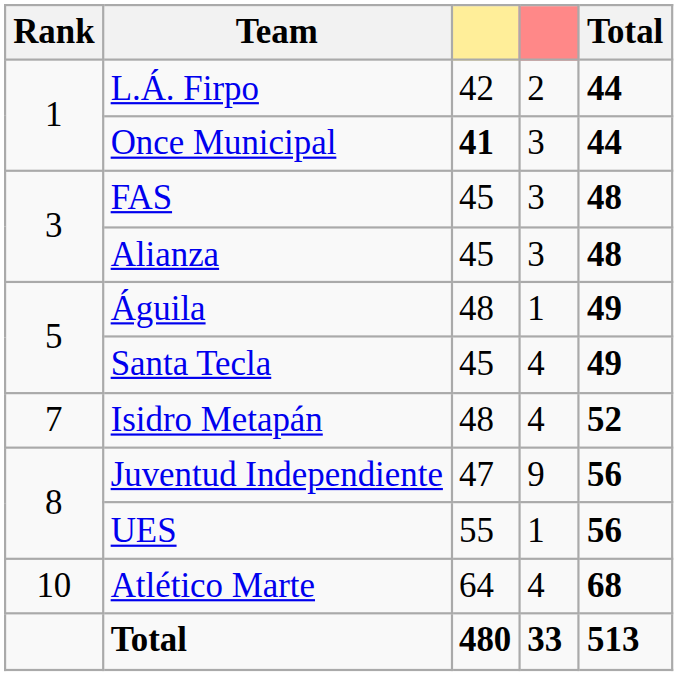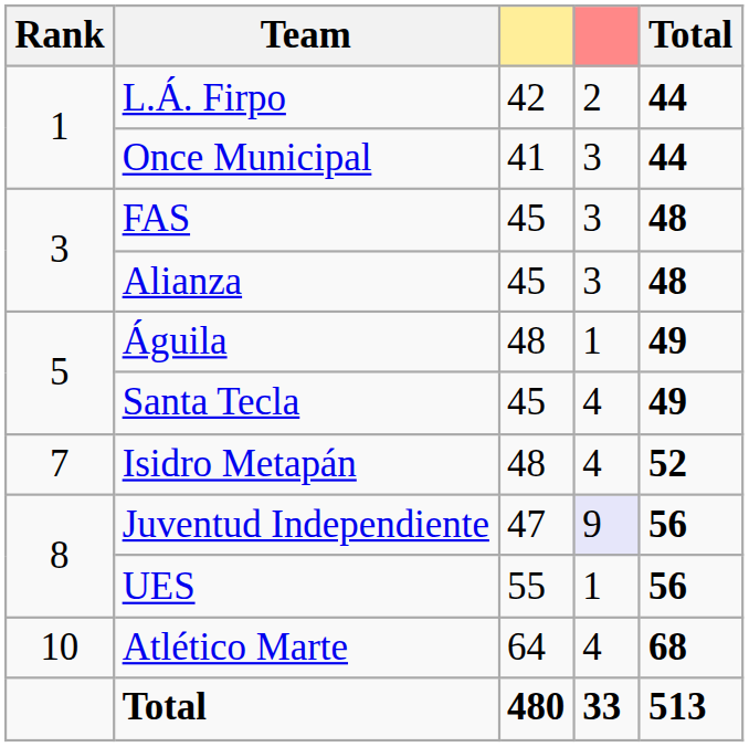 <table class="wikitable" border="1">
 <tr>
 <th>Rank</th>
 <th>Team</th>
 <th width=20 style="background: #FFEE99"></th>
 <th width=20 style="background: #FF8888"></th>
 <th>Total</th>
 </tr>
 <tr>
 <td rowspan="2" align=center>1</td>
 <td><a href='#'>L.Á. Firpo</a></td>
 <td>42</td>
 <td>2</td>
 <td><strong>44</strong></td>
 </tr>
 <tr>
 <td><a href='#'>Once Municipal</a></td>
-<td><strong>41</strong></td>
+<td>41</td>
 <td>3</td>
 <td><strong>44</strong></td>
 </tr>
 <tr>
 <td rowspan="2" align=center>3</td>
 <td><a href='#'>FAS</a></td>
 <td>45</td>
 <td>3</td>
 <td><strong>48</strong></td>
 </tr>
 <tr>
 <td><a href='#'>Alianza</a></td>
 <td>45</td>
 <td>3</td>
 <td><strong>48</strong></td>
 </tr>
 <tr>
 <td rowspan="2" align=center>5</td>
 <td><a href='#'>Águila</a></td>
 <td>48</td>
 <td>1</td>
 <td><strong>49</strong></td>
 </tr>
 <tr>
 <td><a href='#'>Santa Tecla</a></td>
 <td>45</td>
 <td>4</td>
 <td><strong>49</strong></td>
 </tr>
 <tr>
 <td align=center>7</td>
 <td><a href='#'>Isidro Metapán</a></td>
 <td>48</td>
 <td>4</td>
 <td><strong>52</strong></td>
 </tr>
 <tr>
 <td rowspan="2" align=center>8</td>
 <td><a href='#'>Juventud Independiente</a></td>
 <td>47</td>
-<td>9</td>
+<td style="background: lavender;">9</td>
 <td><strong>56</strong></td>
 </tr>
 <tr>
 <td><a href='#'>UES</a></td>
 <td>55</td>
 <td>1</td>
 <td><strong>56</strong></td>
 </tr>
 <tr>
 <td align=center>10</td>
 <td><a href='#'>Atlético Marte</a></td>
 <td>64</td>
 <td>4</td>
 <td><strong>68</strong></td>
 </tr>
 <tr>
 <td></td>
 <td><strong>Total</strong></td>
 <td><strong>480</strong></td>
 <td><strong>33</strong></td>
 <td><strong>513</strong></td>
 </tr>
 </table>
